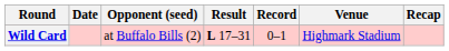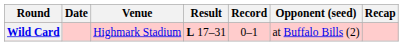 <table class="wikitable" style="text-align:center">
 <tr>
 <th>Round</th>
 <th>Date</th>
-<th>Opponent (seed)</th>
+<th>Venue</th>
 <th>Result</th>
 <th>Record</th>
-<th>Venue</th>
+<th>Opponent (seed)</th>
 <th>Recap</th>
 </tr>
 <tr style="background:#fcc">
 <th><a href='#'>Wild Card</a></th>
 <td></td>
-<td>at <a href='#'>Buffalo Bills</a> (2)</td>
+<td><a href='#'>Highmark Stadium</a></td>
 <td><strong>L</strong> 17–31</td>
 <td>0–1</td>
-<td><a href='#'>Highmark Stadium</a></td>
+<td>at <a href='#'>Buffalo Bills</a> (2)</td>
 <td></td>
 </tr>
 </table>
